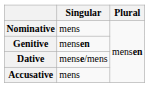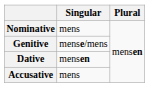 <table class="wikitable" style="display: inline-table;">
 <tr>
 <th></th>
 <th>Singular</th>
 <th>Plural</th>
 </tr>
 <tr>
 <th>Nominative</th>
 <td>mens</td>
 <td rowspan="4">mens<strong>en</strong></td>
 </tr>
 <tr>
 <th>Genitive</th>
-<td>mens<strong>en</strong></td>
+<td>mens<strong>e</strong>/mens</td>
 </tr>
 <tr>
 <th>Dative</th>
-<td>mens<strong>e</strong>/mens</td>
+<td>mens<strong>en</strong></td>
 </tr>
 <tr>
 <th>Accusative</th>
 <td>mens</td>
 </tr>
 </table>
